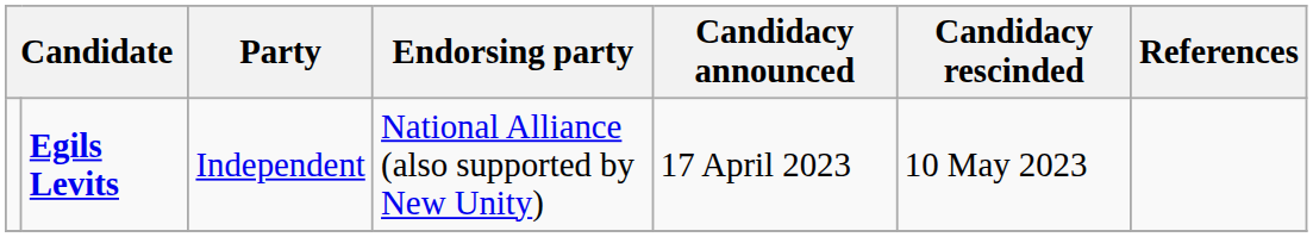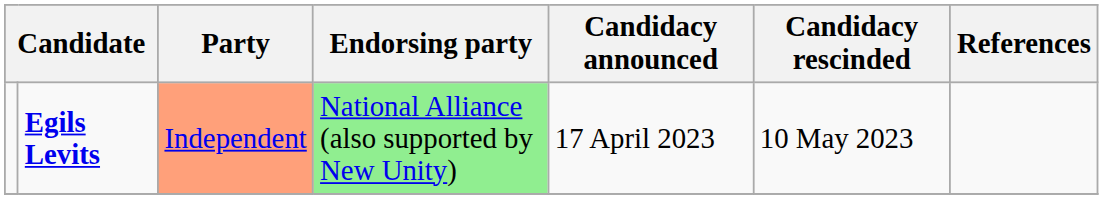 <table class="vertical-align-top wikitable">
 <tr>
 <th scope=colgroup colspan=2>Candidate</th>
 <th scope=col>Party</th>
 <th scope=col>Endorsing party</th>
 <th scope=col>Candidacy announced</th>
 <th scope=col>Candidacy rescinded</th>
 <th scope=col>References</th>
 </tr>
 <tr>
 <td></td>
 <td><strong><a href='#'>Egils Levits</a></strong><br></td>
-<td><a href='#'>Independent</a></td>
-<td><a href='#'>National Alliance</a><br>(also supported by <a href='#'>New Unity</a>)</td>
+<td style="background: lightsalmon;"><a href='#'>Independent</a></td>
+<td style="background: lightgreen;"><a href='#'>National Alliance</a><br>(also supported by <a href='#'>New Unity</a>)</td>
 <td>17 April 2023</td>
 <td>10 May 2023</td>
 <td style="text-align:center"></td>
 </tr>
 <tr>
 </tr>
 </table>
